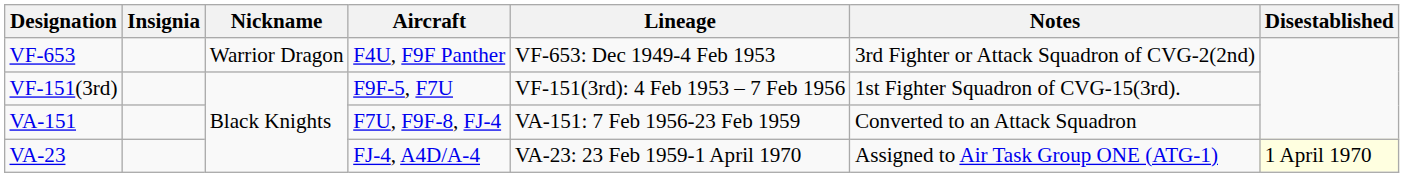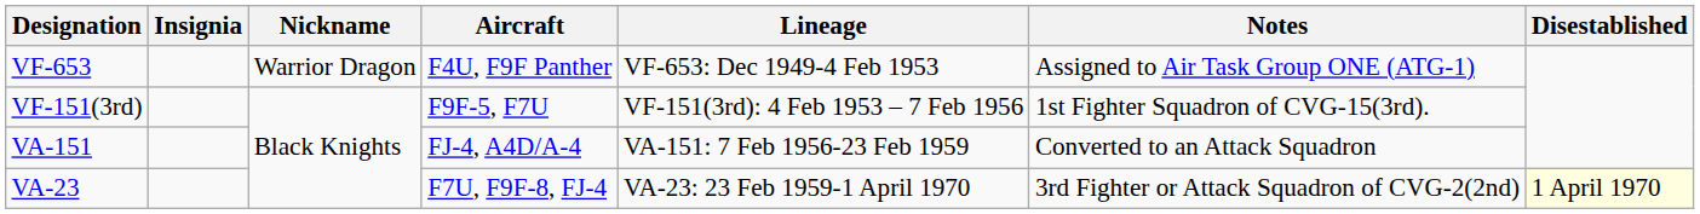 <table class="wikitable">
 <tr>
 <th>Designation</th>
 <th>Insignia</th>
 <th>Nickname</th>
 <th>Aircraft</th>
 <th>Lineage</th>
 <th>Notes</th>
 <th>Disestablished</th>
 </tr>
 <tr>
 <td><a href='#'>VF-653</a></td>
 <td></td>
 <td>Warrior Dragon</td>
 <td><a href='#'>F4U</a>, <a href='#'>F9F Panther</a></td>
 <td>VF-653: Dec 1949-4 Feb 1953</td>
-<td>3rd Fighter or Attack Squadron of CVG-2(2nd)</td>
+<td>Assigned to <a href='#'>Air Task Group ONE (ATG-1)</a></td>
 </tr>
 <tr>
 <td><a href='#'>VF-151</a>(3rd)</td>
 <td></td>
 <td Rowspan="3">Black Knights</td>
 <td><a href='#'>F9F-5</a>, <a href='#'>F7U</a></td>
 <td style="white-space: nowrap;">VF-151(3rd): 4 Feb 1953 – 7 Feb 1956</td>
 <td>1st Fighter Squadron of CVG-15(3rd).</td>
 </tr>
 <tr>
 <td><a href='#'>VA-151</a></td>
 <td></td>
-<td><a href='#'>F7U</a>, <a href='#'>F9F-8</a>, <a href='#'>FJ-4</a></td>
+<td><a href='#'>FJ-4</a>, <a href='#'>A4D/A-4</a></td>
 <td>VA-151: 7 Feb 1956-23 Feb 1959</td>
 <td>Converted to an Attack Squadron</td>
 </tr>
 <tr>
 <td><a href='#'>VA-23</a></td>
 <td></td>
-<td><a href='#'>FJ-4</a>, <a href='#'>A4D/A-4</a></td>
+<td><a href='#'>F7U</a>, <a href='#'>F9F-8</a>, <a href='#'>FJ-4</a></td>
 <td>VA-23: 23 Feb 1959-1 April 1970</td>
-<td>Assigned to <a href='#'>Air Task Group ONE (ATG-1)</a></td>
+<td>3rd Fighter or Attack Squadron of CVG-2(2nd)</td>
 <td style="background: lightyellow;">1 April 1970</td>
 </tr>
 </table>
